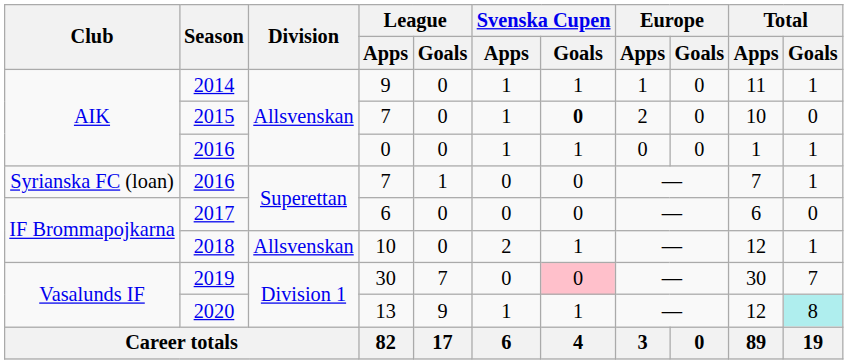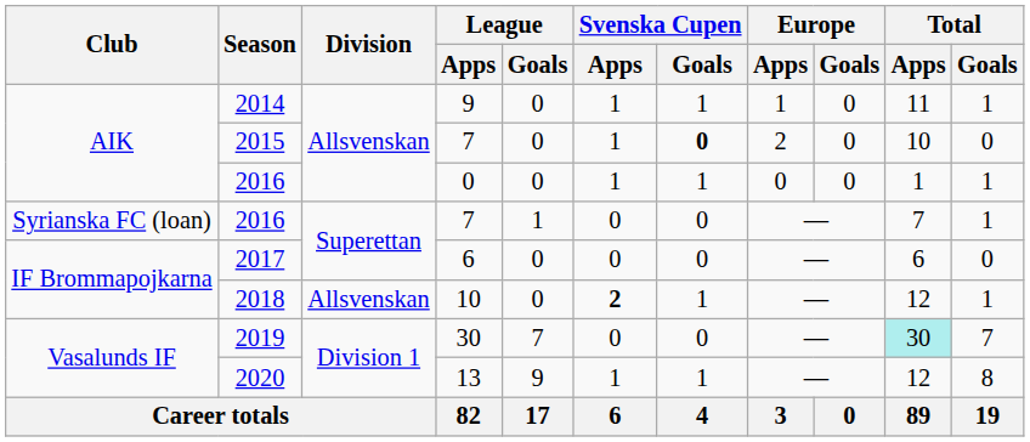 <table class="wikitable" style="text-align: center;">
 <tr>
 <th rowspan="2">Club</th>
 <th rowspan="2">Season</th>
 <th rowspan="2">Division</th>
 <th colspan="2">League</th>
 <th colspan="2"><a href='#'>Svenska Cupen</a></th>
 <th colspan="2">Europe</th>
 <th colspan="2">Total</th>
 </tr>
 <tr>
 <th>Apps</th>
 <th>Goals</th>
 <th>Apps</th>
 <th>Goals</th>
 <th>Apps</th>
 <th>Goals</th>
 <th>Apps</th>
 <th>Goals</th>
 </tr>
 <tr>
 <td rowspan="3"><a href='#'>AIK</a></td>
 <td><a href='#'>2014</a></td>
 <td rowspan="3"><a href='#'>Allsvenskan</a></td>
 <td>9</td>
 <td>0</td>
 <td>1</td>
 <td>1</td>
 <td>1</td>
 <td>0</td>
 <td>11</td>
 <td>1</td>
 </tr>
 <tr>
 <td><a href='#'>2015</a></td>
 <td>7</td>
 <td>0</td>
 <td>1</td>
 <td><strong>0</strong></td>
 <td>2</td>
 <td>0</td>
 <td>10</td>
 <td>0</td>
 </tr>
 <tr>
 <td><a href='#'>2016</a></td>
 <td>0</td>
 <td>0</td>
 <td>1</td>
 <td>1</td>
 <td>0</td>
 <td>0</td>
 <td>1</td>
 <td>1</td>
 </tr>
 <tr>
 <td><a href='#'>Syrianska FC</a> (loan)</td>
 <td><a href='#'>2016</a></td>
 <td rowspan="2"><a href='#'>Superettan</a></td>
 <td>7</td>
 <td>1</td>
 <td>0</td>
 <td>0</td>
 <td colspan="2">—</td>
 <td>7</td>
 <td>1</td>
 </tr>
 <tr>
 <td rowspan="2"><a href='#'>IF Brommapojkarna</a></td>
 <td><a href='#'>2017</a></td>
 <td>6</td>
 <td>0</td>
 <td>0</td>
 <td>0</td>
 <td colspan="2">—</td>
 <td>6</td>
 <td>0</td>
 </tr>
 <tr>
 <td><a href='#'>2018</a></td>
 <td><a href='#'>Allsvenskan</a></td>
 <td>10</td>
 <td>0</td>
-<td>2</td>
+<td><strong>2</strong></td>
 <td>1</td>
 <td colspan="2">—</td>
 <td>12</td>
 <td>1</td>
 </tr>
 <tr>
 <td rowspan="2"><a href='#'>Vasalunds IF</a></td>
 <td><a href='#'>2019</a></td>
 <td rowspan="2"><a href='#'>Division 1</a></td>
 <td>30</td>
 <td>7</td>
 <td>0</td>
-<td style="background: pink;">0</td>
+<td>0</td>
 <td colspan="2">—</td>
-<td>30</td>
+<td style="background: paleturquoise;">30</td>
 <td>7</td>
 </tr>
 <tr>
 <td><a href='#'>2020</a></td>
 <td>13</td>
 <td>9</td>
 <td>1</td>
 <td>1</td>
 <td colspan="2">—</td>
 <td>12</td>
-<td style="background: paleturquoise;">8</td>
+<td>8</td>
 </tr>
 <tr>
 <th colspan="3">Career totals</th>
 <th>82</th>
 <th>17</th>
 <th>6</th>
 <th>4</th>
 <th>3</th>
 <th>0</th>
 <th>89</th>
 <th>19</th>
 </tr>
 </table>
